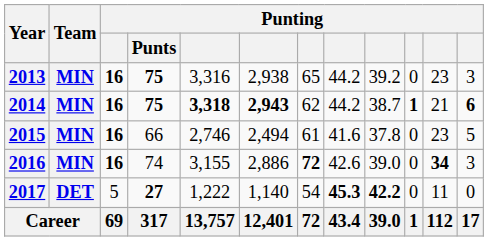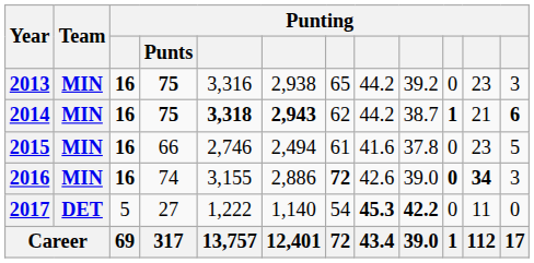 <table class=wikitable style="text-align:center;">
 <tr>
 <th rowspan="2">Year</th>
 <th rowspan="2">Team</th>
 <th colspan="10">Punting</th>
 </tr>
 <tr>
 <th></th>
 <th>Punts</th>
 <th></th>
 <th></th>
 <th></th>
 <th></th>
 <th></th>
 <th></th>
 <th></th>
 <th></th>
 </tr>
 <tr>
 <th><a href='#'>2013</a></th>
 <th><a href='#'>MIN</a></th>
 <td><strong>16</strong></td>
 <td><strong>75</strong></td>
 <td>3,316</td>
 <td>2,938</td>
 <td>65</td>
 <td>44.2</td>
 <td>39.2</td>
 <td>0</td>
 <td>23</td>
 <td>3</td>
 </tr>
 <tr>
 <th><a href='#'>2014</a></th>
 <th><a href='#'>MIN</a></th>
 <td><strong>16</strong></td>
 <td><strong>75</strong></td>
 <td><strong>3,318</strong></td>
 <td><strong>2,943</strong></td>
 <td>62</td>
 <td>44.2</td>
 <td>38.7</td>
 <td><strong>1</strong></td>
 <td>21</td>
 <td><strong>6</strong></td>
 </tr>
 <tr>
 <th><a href='#'>2015</a></th>
 <th><a href='#'>MIN</a></th>
 <td><strong>16</strong></td>
 <td>66</td>
 <td>2,746</td>
 <td>2,494</td>
 <td>61</td>
 <td>41.6</td>
 <td>37.8</td>
 <td>0</td>
 <td>23</td>
 <td>5</td>
 </tr>
 <tr>
 <th><a href='#'>2016</a></th>
 <th><a href='#'>MIN</a></th>
 <td><strong>16</strong></td>
 <td>74</td>
 <td>3,155</td>
 <td>2,886</td>
 <td><strong>72</strong></td>
 <td>42.6</td>
 <td>39.0</td>
-<td>0</td>
+<td><strong>0</strong></td>
 <td><strong>34</strong></td>
 <td>3</td>
 </tr>
 <tr>
 <th><a href='#'>2017</a></th>
 <th><a href='#'>DET</a></th>
 <td>5</td>
-<td><strong>27</strong></td>
+<td>27</td>
 <td>1,222</td>
 <td>1,140</td>
 <td>54</td>
 <td><strong>45.3</strong></td>
 <td><strong>42.2</strong></td>
 <td>0</td>
 <td>11</td>
 <td>0</td>
 </tr>
 <tr>
 <th colspan="2">Career</th>
 <th>69</th>
 <th>317</th>
 <th>13,757</th>
 <th>12,401</th>
 <th>72</th>
 <th>43.4</th>
 <th>39.0</th>
 <th>1</th>
 <th>112</th>
 <th>17</th>
 </tr>
 </table>
